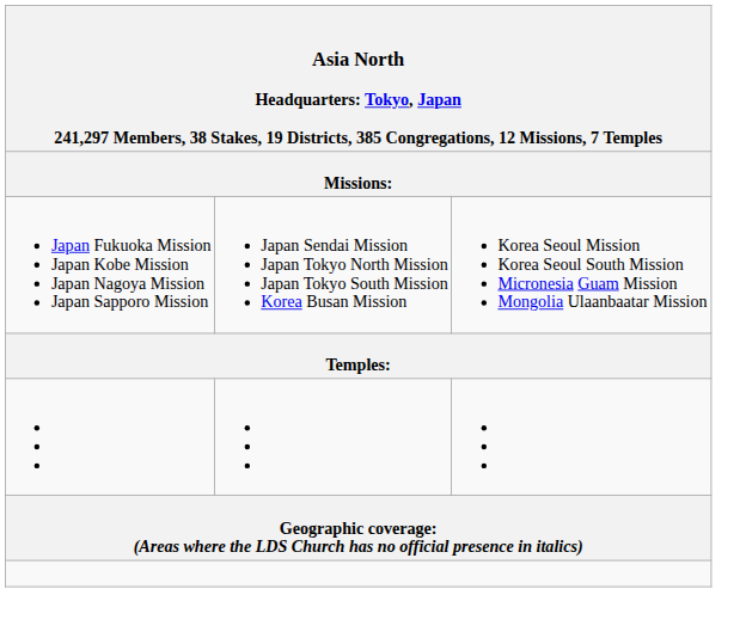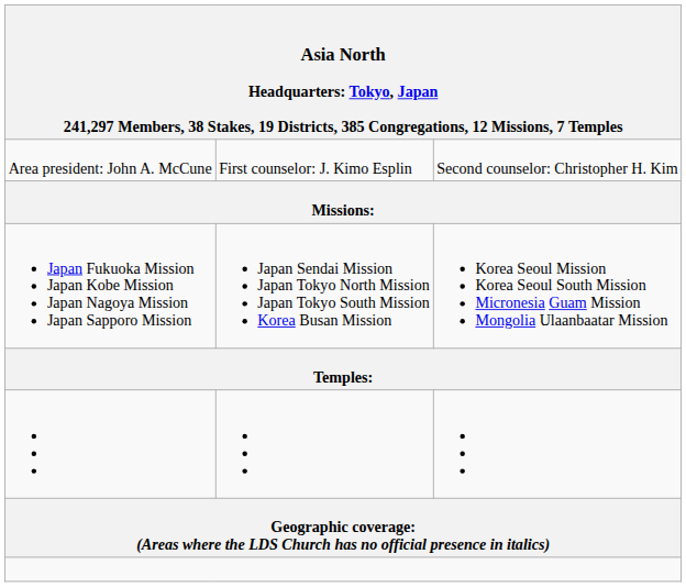 <table class=wikitable>
 <tr>
 <th colspan=3><br><h3>Asia North</h3>Headquarters: <a href='#'>Tokyo</a>, <a href='#'>Japan</a><br><br>241,297 Members, 38 Stakes, 19 Districts, 385 Congregations, 12 Missions, 7 Temples</th>
+</tr>
+<tr>
+<td style="vertical-align:top"><br>Area president: John A. McCune</td>
+<td style="vertical-align:top"><br>First counselor: J. Kimo Esplin</td>
+<td style="vertical-align:top"><br>Second counselor: Christopher H. Kim</td>
 </tr>
 <tr>
 <th colspan=3><br>Missions:</th>
 </tr>
 <tr>
 <td style="vertical-align:top"><br><ul><li><a href='#'>Japan</a> Fukuoka Mission</li><li>Japan Kobe Mission</li><li>Japan Nagoya Mission</li><li>Japan Sapporo Mission</li></ul></td>
 <td style="vertical-align:top"><br><ul><li>Japan Sendai Mission</li><li>Japan Tokyo North Mission</li><li>Japan Tokyo South Mission</li><li><a href='#'>Korea</a> Busan Mission</li></ul></td>
 <td style="vertical-align:top"><br><ul><li>Korea Seoul Mission</li><li>Korea Seoul South Mission</li><li><a href='#'>Micronesia</a> <a href='#'>Guam</a> Mission</li><li><a href='#'>Mongolia</a> Ulaanbaatar Mission</li></ul></td>
 </tr>
 <tr>
 <th colspan=3><br>Temples:</th>
 </tr>
 <tr>
 <td style="vertical-align:top"><br><ul><li></li><li></li><li></li></ul></td>
 <td style="vertical-align:top"><br><ul><li></li><li></li><li></li></ul></td>
 <td style="vertical-align:top"><br><ul><li></li><li></li><li></li></ul></td>
 </tr>
 <tr>
 <th colspan=3><br>Geographic coverage:<br><em>(Areas where the LDS Church has no official presence in italics)</em></th>
 </tr>
 <tr>
 <td style="vertical-align:top" colspan=3><br></td>
 </tr>
 </table>
